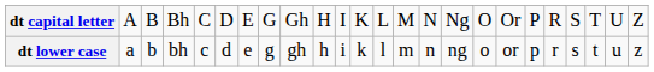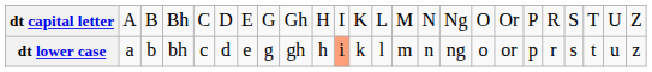 <table class=wikitable style="font-size: 1.2em;">
 <tr align=center>
 <th><small>dt <a href='#'>capital letter</a></small></th>
 <td>A</td>
 <td>B</td>
 <td>Bh</td>
 <td>C</td>
 <td>D</td>
 <td>E</td>
 <td>G</td>
 <td>Gh</td>
 <td>H</td>
 <td>I</td>
 <td>K</td>
 <td>L</td>
 <td>M</td>
 <td>N</td>
 <td>Ng</td>
 <td>O</td>
 <td>Or</td>
 <td>P</td>
 <td>R</td>
 <td>S</td>
 <td>T</td>
 <td>U</td>
 <td>Z</td>
 </tr>
 <tr align=center>
 <th><small>dt <a href='#'>lower case</a></small></th>
 <td>a</td>
 <td>b</td>
 <td>bh</td>
 <td>c</td>
 <td>d</td>
 <td>e</td>
 <td>g</td>
 <td>gh</td>
 <td>h</td>
-<td>i</td>
+<td style="background: lightsalmon;">i</td>
 <td>k</td>
 <td>l</td>
 <td>m</td>
 <td>n</td>
 <td>ng</td>
 <td>o</td>
 <td>or</td>
 <td>p</td>
 <td>r</td>
 <td>s</td>
 <td>t</td>
 <td>u</td>
 <td>z</td>
 </tr>
 </table>
